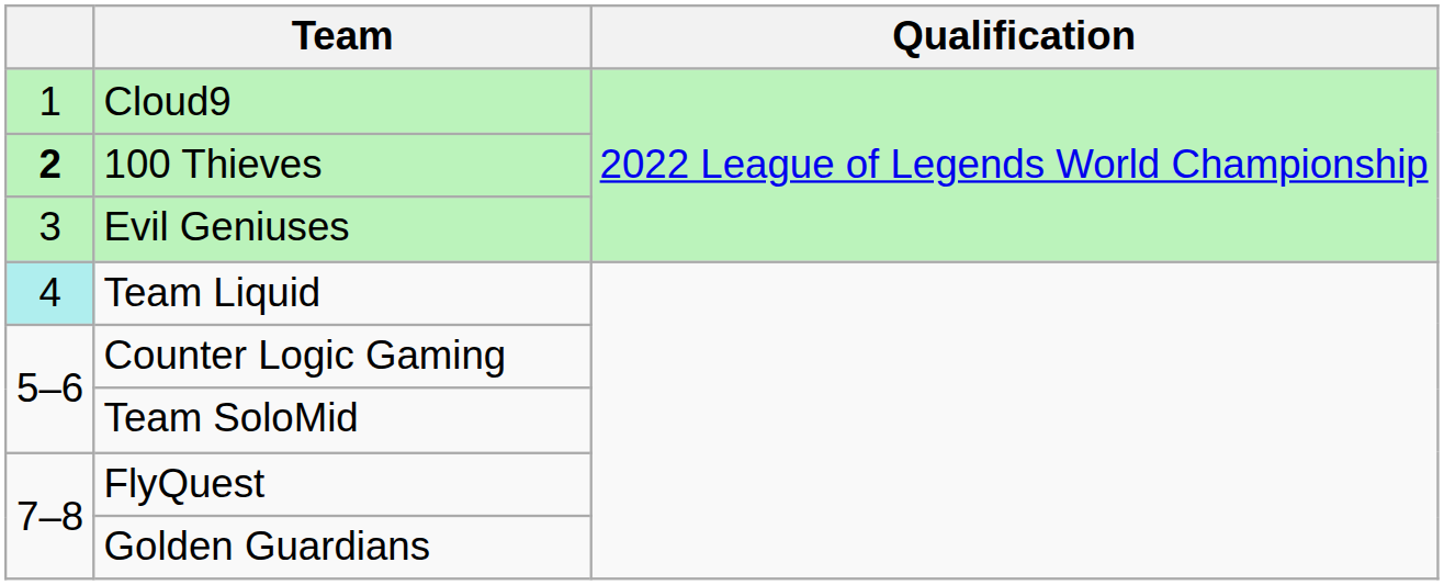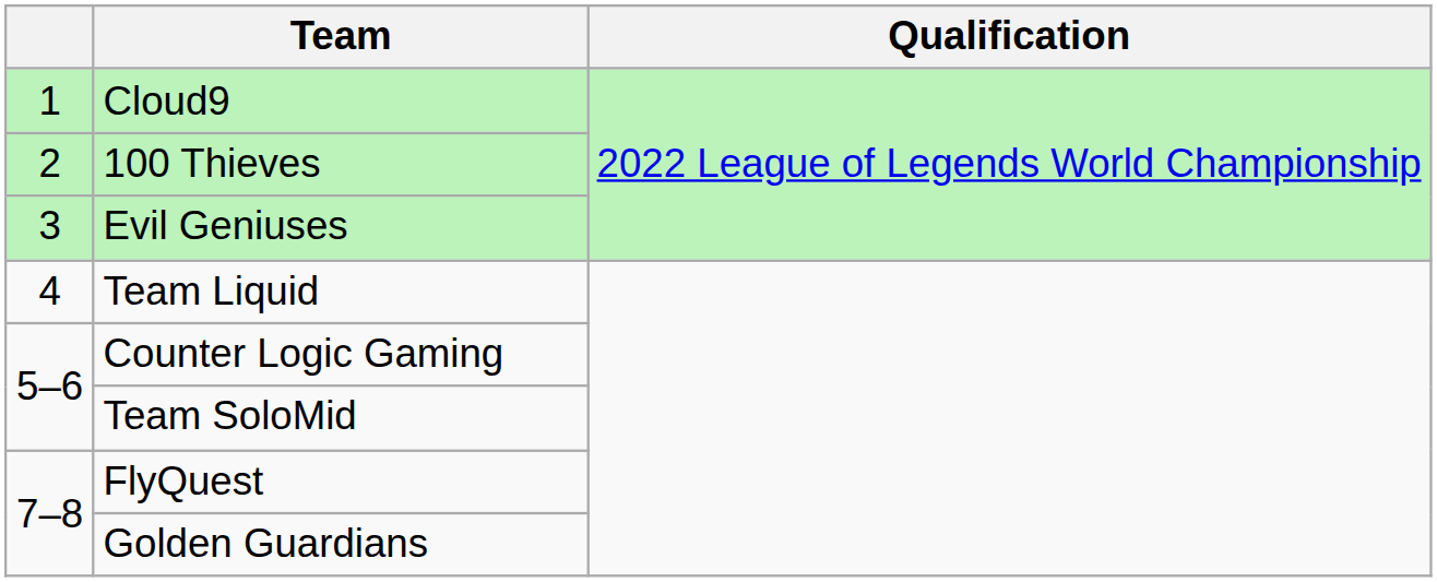 <table class="wikitable" style="text-align:center">
 <tr>
 <th width=28></th>
 <th width=190>Team</th>
 <th>Qualification</th>
 </tr>
 <tr style="background-color:#BBF3BB;">
 <td>1</td>
 <td style="text-align:left">Cloud9</td>
 <td rowspan="3"><a href='#'>2022 League of Legends World Championship</a></td>
 </tr>
 <tr style="background-color:#BBF3BB;">
-<td><strong>2</strong></td>
+<td>2</td>
 <td style="text-align:left">100 Thieves</td>
 </tr>
 <tr style="background-color:#BBF3BB;">
 <td>3</td>
 <td style="text-align:left">Evil Geniuses</td>
 </tr>
 <tr>
-<td style="background: paleturquoise;">4</td>
+<td>4</td>
 <td style="text-align:left">Team Liquid</td>
 <td rowspan="5"></td>
 </tr>
 <tr>
 <td rowspan="2">5–6</td>
 <td style="text-align:left">Counter Logic Gaming</td>
 </tr>
 <tr>
 <td style="text-align:left">Team SoloMid</td>
 </tr>
 <tr>
 <td rowspan="2">7–8</td>
 <td style="text-align:left">FlyQuest</td>
 </tr>
 <tr>
 <td style="text-align:left">Golden Guardians</td>
 </tr>
 </table>
